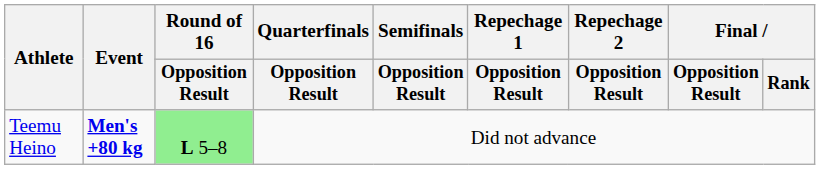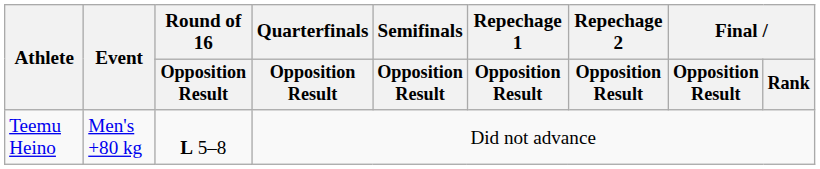 <table class="wikitable" style="font-size:90%;">
 <tr>
 <th rowspan=2>Athlete</th>
 <th rowspan=2>Event</th>
 <th>Round of 16</th>
 <th>Quarterfinals</th>
 <th>Semifinals</th>
 <th>Repechage 1</th>
 <th>Repechage 2</th>
 <th colspan=2>Final / </th>
 </tr>
 <tr style="font-size:95%">
 <th>Opposition<br>Result</th>
 <th>Opposition<br>Result</th>
 <th>Opposition<br>Result</th>
 <th>Opposition<br>Result</th>
 <th>Opposition<br>Result</th>
 <th>Opposition<br>Result</th>
 <th>Rank</th>
 </tr>
 <tr align=center>
 <td align=left><a href='#'>Teemu Heino</a></td>
-<td align=left><strong><a href='#'>Men's +80 kg</a></strong></td>
-<td style="background: lightgreen;"><br><strong>L</strong> 5–8</td>
+<td align=left><a href='#'>Men's +80 kg</a></td>
+<td><br><strong>L</strong> 5–8</td>
 <td colspan=6>Did not advance</td>
 </tr>
 </table>
